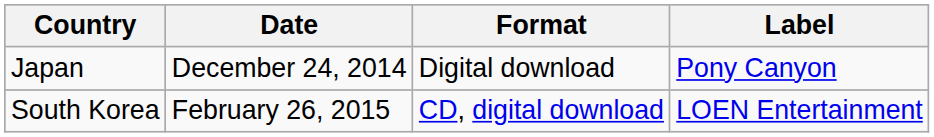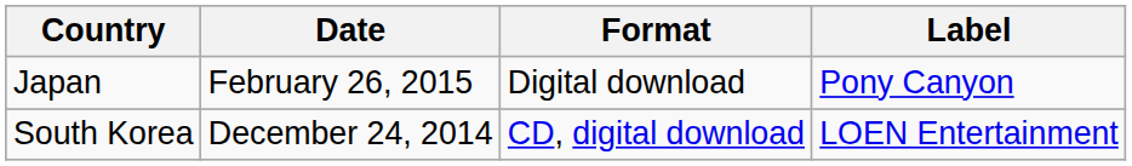 <table class="wikitable">
 <tr>
 <th>Country</th>
 <th>Date</th>
 <th>Format</th>
 <th>Label</th>
 </tr>
 <tr>
 <td rowspan="1">Japan</td>
-<td rowspan="1">December 24, 2014</td>
+<td rowspan="1">February 26, 2015</td>
 <td rowspan="1">Digital download</td>
 <td rowspan="1"><a href='#'>Pony Canyon</a></td>
 </tr>
 <tr>
 <td rowspan="1">South Korea</td>
-<td rowspan="1">February 26, 2015</td>
+<td rowspan="1">December 24, 2014</td>
 <td rowspan="1"><a href='#'>CD</a>, <a href='#'>digital download</a></td>
 <td rowspan="2"><a href='#'>LOEN Entertainment</a></td>
 </tr>
 </table>
